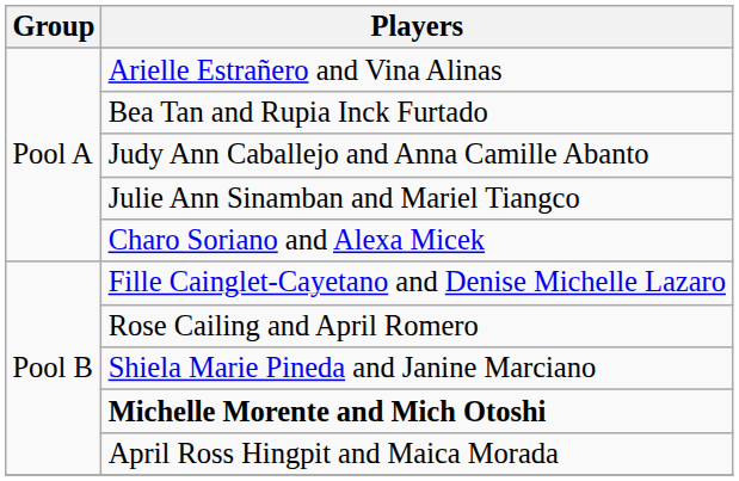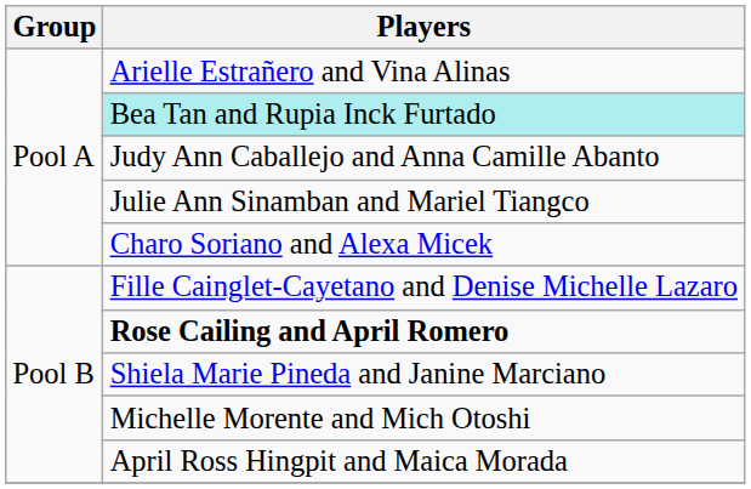 <table class="wikitable" style="text-align:left; line-height:16px; width:auto;">
 <tr>
 <th>Group</th>
 <th>Players</th>
 </tr>
 <tr>
 <td rowspan=5>Pool A</td>
 <td><a href='#'>Arielle Estrañero</a> and Vina Alinas</td>
 </tr>
 <tr>
-<td>Bea Tan and Rupia Inck Furtado</td>
+<td style="background: paleturquoise;">Bea Tan and Rupia Inck Furtado</td>
 </tr>
 <tr>
 <td>Judy Ann Caballejo and Anna Camille Abanto</td>
 </tr>
 <tr>
 <td>Julie Ann Sinamban and Mariel Tiangco</td>
 </tr>
 <tr>
 <td><a href='#'>Charo Soriano</a> and <a href='#'>Alexa Micek</a></td>
 </tr>
 <tr>
 <td rowspan=5>Pool B</td>
 <td><a href='#'>Fille Cainglet-Cayetano</a> and <a href='#'>Denise Michelle Lazaro</a></td>
 </tr>
 <tr>
-<td>Rose Cailing and April Romero</td>
+<td><strong>Rose Cailing and April Romero</strong></td>
 </tr>
 <tr>
 <td><a href='#'>Shiela Marie Pineda</a> and Janine Marciano</td>
 </tr>
 <tr>
-<td><strong>Michelle Morente and Mich Otoshi</strong></td>
+<td>Michelle Morente and Mich Otoshi</td>
 </tr>
 <tr>
 <td>April Ross Hingpit and Maica Morada</td>
 </tr>
 <tr>
 </tr>
 </table>
